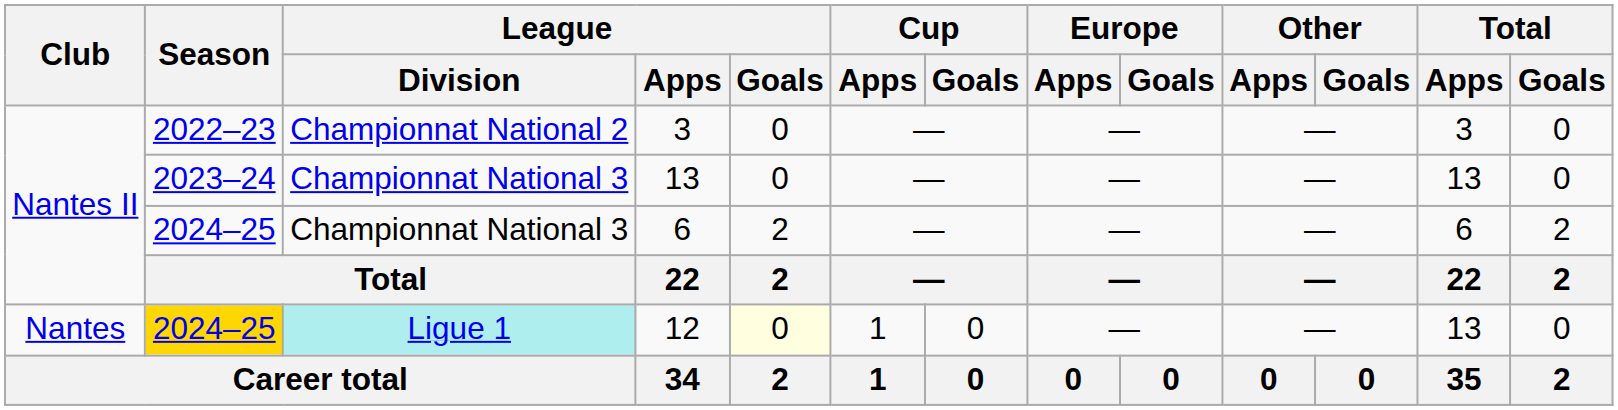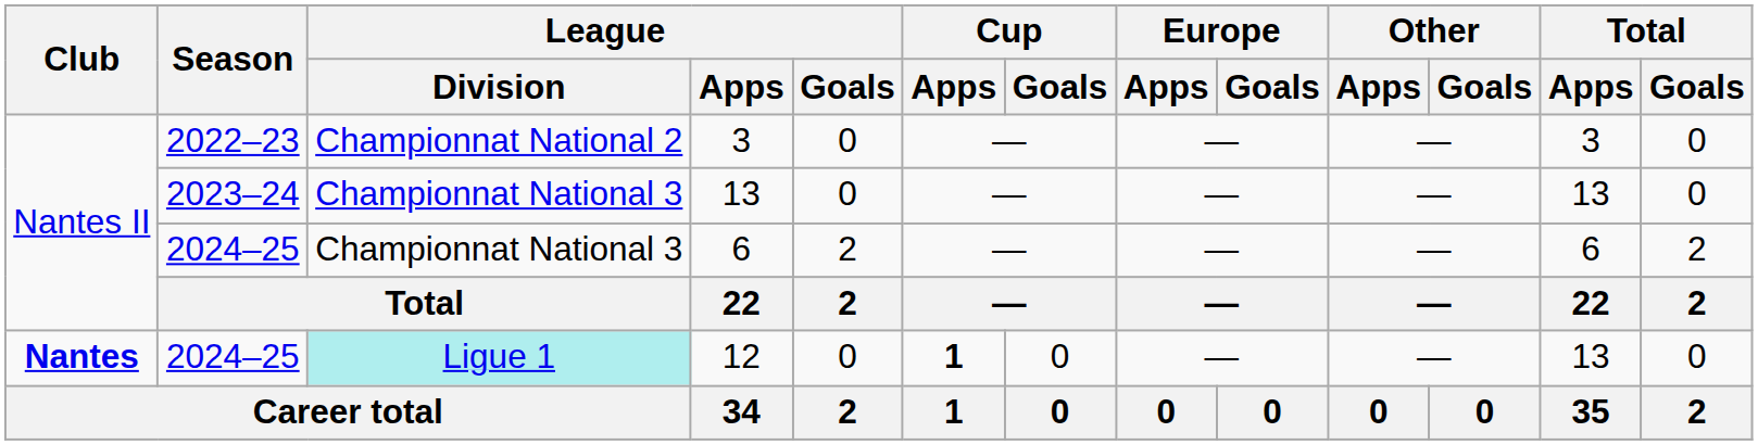 <table class="wikitable" style="text-align:center">
 <tr>
 <th rowspan="2">Club</th>
 <th rowspan="2">Season</th>
 <th colspan="3">League</th>
 <th colspan="2">Cup</th>
 <th colspan="2">Europe</th>
 <th colspan="2">Other</th>
 <th colspan="2">Total</th>
 </tr>
 <tr>
 <th>Division</th>
 <th>Apps</th>
 <th>Goals</th>
 <th>Apps</th>
 <th>Goals</th>
 <th>Apps</th>
 <th>Goals</th>
 <th>Apps</th>
 <th>Goals</th>
 <th>Apps</th>
 <th>Goals</th>
 </tr>
 <tr>
 <td rowspan="4"><a href='#'>Nantes II</a></td>
 <td><a href='#'>2022–23</a></td>
 <td><a href='#'>Championnat National 2</a></td>
 <td>3</td>
 <td>0</td>
 <td colspan="2">—</td>
 <td colspan="2">—</td>
 <td colspan="2">—</td>
 <td>3</td>
 <td>0</td>
 </tr>
 <tr>
 <td><a href='#'>2023–24</a></td>
 <td><a href='#'>Championnat National 3</a></td>
 <td>13</td>
 <td>0</td>
 <td colspan="2">—</td>
 <td colspan="2">—</td>
 <td colspan="2">—</td>
 <td>13</td>
 <td>0</td>
 </tr>
 <tr>
 <td><a href='#'>2024–25</a></td>
 <td>Championnat National 3</td>
 <td>6</td>
 <td>2</td>
 <td colspan="2">—</td>
 <td colspan="2">—</td>
 <td colspan="2">—</td>
 <td>6</td>
 <td>2</td>
 </tr>
 <tr>
 <th colspan="2">Total</th>
 <th>22</th>
 <th>2</th>
 <th colspan="2">—</th>
 <th colspan="2">—</th>
 <th colspan="2">—</th>
 <th>22</th>
 <th>2</th>
 </tr>
 <tr>
-<td><a href='#'>Nantes</a></td>
-<td style="background: gold;"><a href='#'>2024–25</a></td>
+<td><strong><a href='#'>Nantes</a></strong></td>
+<td><a href='#'>2024–25</a></td>
 <td style="background: paleturquoise;"><a href='#'>Ligue 1</a></td>
 <td>12</td>
-<td style="background: lightyellow;">0</td>
-<td>1</td>
+<td>0</td>
+<td><strong>1</strong></td>
 <td>0</td>
 <td colspan="2">—</td>
 <td colspan="2">—</td>
 <td>13</td>
 <td>0</td>
 </tr>
 <tr>
 <th colspan="3">Career total</th>
 <th>34</th>
 <th>2</th>
 <th>1</th>
 <th>0</th>
 <th>0</th>
 <th>0</th>
 <th>0</th>
 <th>0</th>
 <th>35</th>
 <th>2</th>
 </tr>
 </table>
